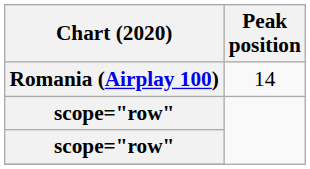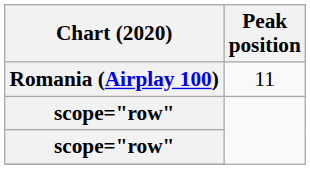 <table class="wikitable sortable plainrowheaders" style="text-align:center">
 <tr>
 <th>Chart (2020)</th>
 <th>Peak<br>position</th>
 </tr>
 <tr>
 <th scope="row">Romania (<a href='#'>Airplay 100</a>)</th>
-<td>14</td>
+<td>11</td>
 </tr>
 <tr>
 <th>scope="row"</th>
 </tr>
 <tr>
 <th>scope="row"</th>
 </tr>
 <tr>
 </tr>
 </table>
